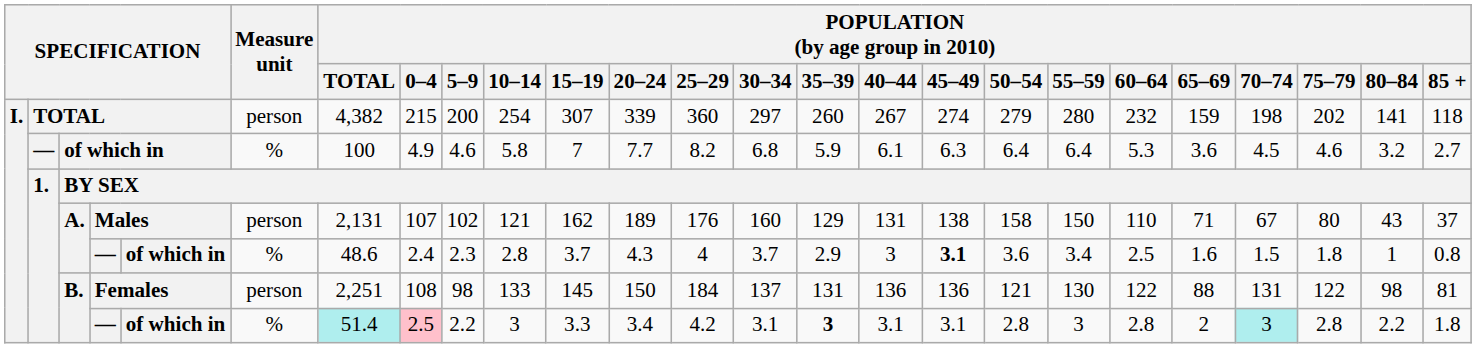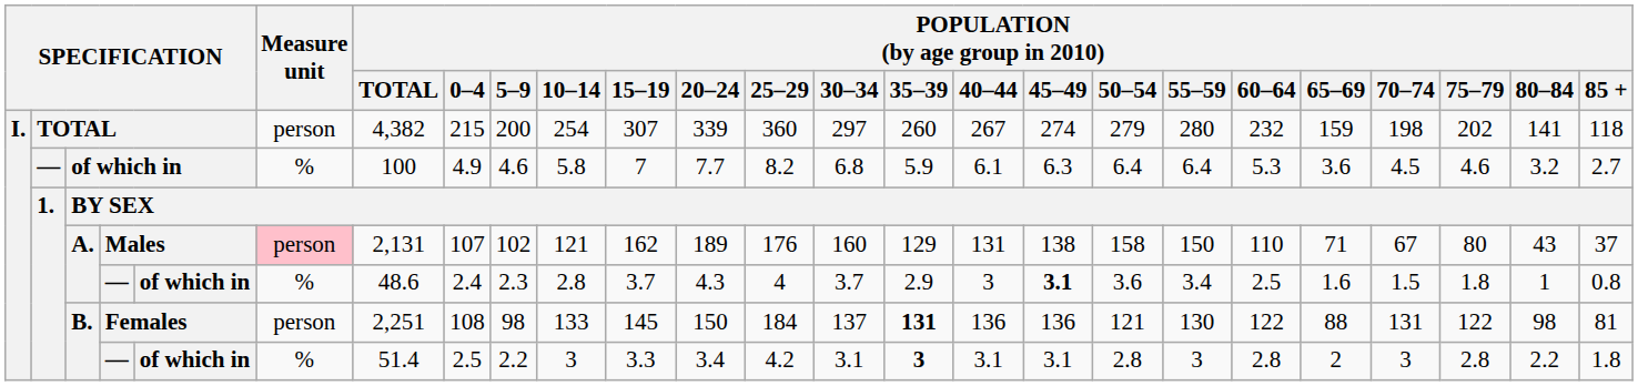 <table class="wikitable" style="font-size:85%; text-align:center">
 <tr>
 <th rowspan="2" colspan="5">SPECIFICATION</th>
 <th rowspan="2">Measure<br> unit</th>
 <th colspan="20" rowspan="1">POPULATION<br> (by age group in 2010)</th>
 </tr>
 <tr>
 <th>TOTAL</th>
 <th>0–4</th>
 <th>5–9</th>
 <th>10–14</th>
 <th>15–19</th>
 <th>20–24</th>
 <th>25–29</th>
 <th>30–34</th>
 <th>35–39</th>
 <th>40–44</th>
 <th>45–49</th>
 <th>50–54</th>
 <th>55–59</th>
 <th>60–64</th>
 <th>65–69</th>
 <th>70–74</th>
 <th>75–79</th>
 <th>80–84</th>
 <th>85 +</th>
 </tr>
 <tr>
 <th style="text-align:left" valign="top" rowspan="7">I.</th>
 <th style="text-align:left" colspan="4">TOTAL</th>
 <td>person</td>
 <td>4,382</td>
 <td>215</td>
 <td>200</td>
 <td>254</td>
 <td>307</td>
 <td>339</td>
 <td>360</td>
 <td>297</td>
 <td>260</td>
 <td>267</td>
 <td>274</td>
 <td>279</td>
 <td>280</td>
 <td>232</td>
 <td>159</td>
 <td>198</td>
 <td>202</td>
 <td>141</td>
 <td>118</td>
 </tr>
 <tr>
 <th style="text-align:left" valign="top">—</th>
 <th style="text-align:left" colspan="3">of which in</th>
 <td>%</td>
 <td>100</td>
 <td>4.9</td>
 <td>4.6</td>
 <td>5.8</td>
 <td>7</td>
 <td>7.7</td>
 <td>8.2</td>
 <td>6.8</td>
 <td>5.9</td>
 <td>6.1</td>
 <td>6.3</td>
 <td>6.4</td>
 <td>6.4</td>
 <td>5.3</td>
 <td>3.6</td>
 <td>4.5</td>
 <td>4.6</td>
 <td>3.2</td>
 <td>2.7</td>
 </tr>
 <tr>
 <th style="text-align:left" valign="top" rowspan="5">1.</th>
 <th style="text-align:left" colspan="23">BY SEX</th>
 </tr>
 <tr>
 <th style="text-align:left" valign="top" rowspan="2">A.</th>
 <th style="text-align:left" colspan="2">Males</th>
-<td>person</td>
+<td style="background: pink;">person</td>
 <td>2,131</td>
 <td>107</td>
 <td>102</td>
 <td>121</td>
 <td>162</td>
 <td>189</td>
 <td>176</td>
 <td>160</td>
 <td>129</td>
 <td>131</td>
 <td>138</td>
 <td>158</td>
 <td>150</td>
 <td>110</td>
 <td>71</td>
 <td>67</td>
 <td>80</td>
 <td>43</td>
 <td>37</td>
 </tr>
 <tr>
 <th style="text-align:left" valign="top">—</th>
 <th style="text-align:left" colspan="1">of which in</th>
 <td>%</td>
 <td>48.6</td>
 <td>2.4</td>
 <td>2.3</td>
 <td>2.8</td>
 <td>3.7</td>
 <td>4.3</td>
 <td>4</td>
 <td>3.7</td>
 <td>2.9</td>
 <td>3</td>
 <td><strong>3.1</strong></td>
 <td>3.6</td>
 <td>3.4</td>
 <td>2.5</td>
 <td>1.6</td>
 <td>1.5</td>
 <td>1.8</td>
 <td>1</td>
 <td>0.8</td>
 </tr>
 <tr>
 <th style="text-align:left" valign="top" rowspan="2">B.</th>
 <th style="text-align:left" colspan="2">Females</th>
 <td>person</td>
 <td>2,251</td>
 <td>108</td>
 <td>98</td>
 <td>133</td>
 <td>145</td>
 <td>150</td>
 <td>184</td>
 <td>137</td>
-<td>131</td>
+<td><strong>131</strong></td>
 <td>136</td>
 <td>136</td>
 <td>121</td>
 <td>130</td>
 <td>122</td>
 <td>88</td>
 <td>131</td>
 <td>122</td>
 <td>98</td>
 <td>81</td>
 </tr>
 <tr>
 <th style="text-align:left" valign="top">—</th>
 <th style="text-align:left" colspan="1">of which in</th>
 <td>%</td>
-<td style="background: paleturquoise;">51.4</td>
-<td style="background: pink;">2.5</td>
+<td>51.4</td>
+<td>2.5</td>
 <td>2.2</td>
 <td>3</td>
 <td>3.3</td>
 <td>3.4</td>
 <td>4.2</td>
 <td>3.1</td>
 <td><strong>3</strong></td>
 <td>3.1</td>
 <td>3.1</td>
 <td>2.8</td>
 <td>3</td>
 <td>2.8</td>
 <td>2</td>
-<td style="background: paleturquoise;">3</td>
+<td>3</td>
 <td>2.8</td>
 <td>2.2</td>
 <td>1.8</td>
 </tr>
 </table>
